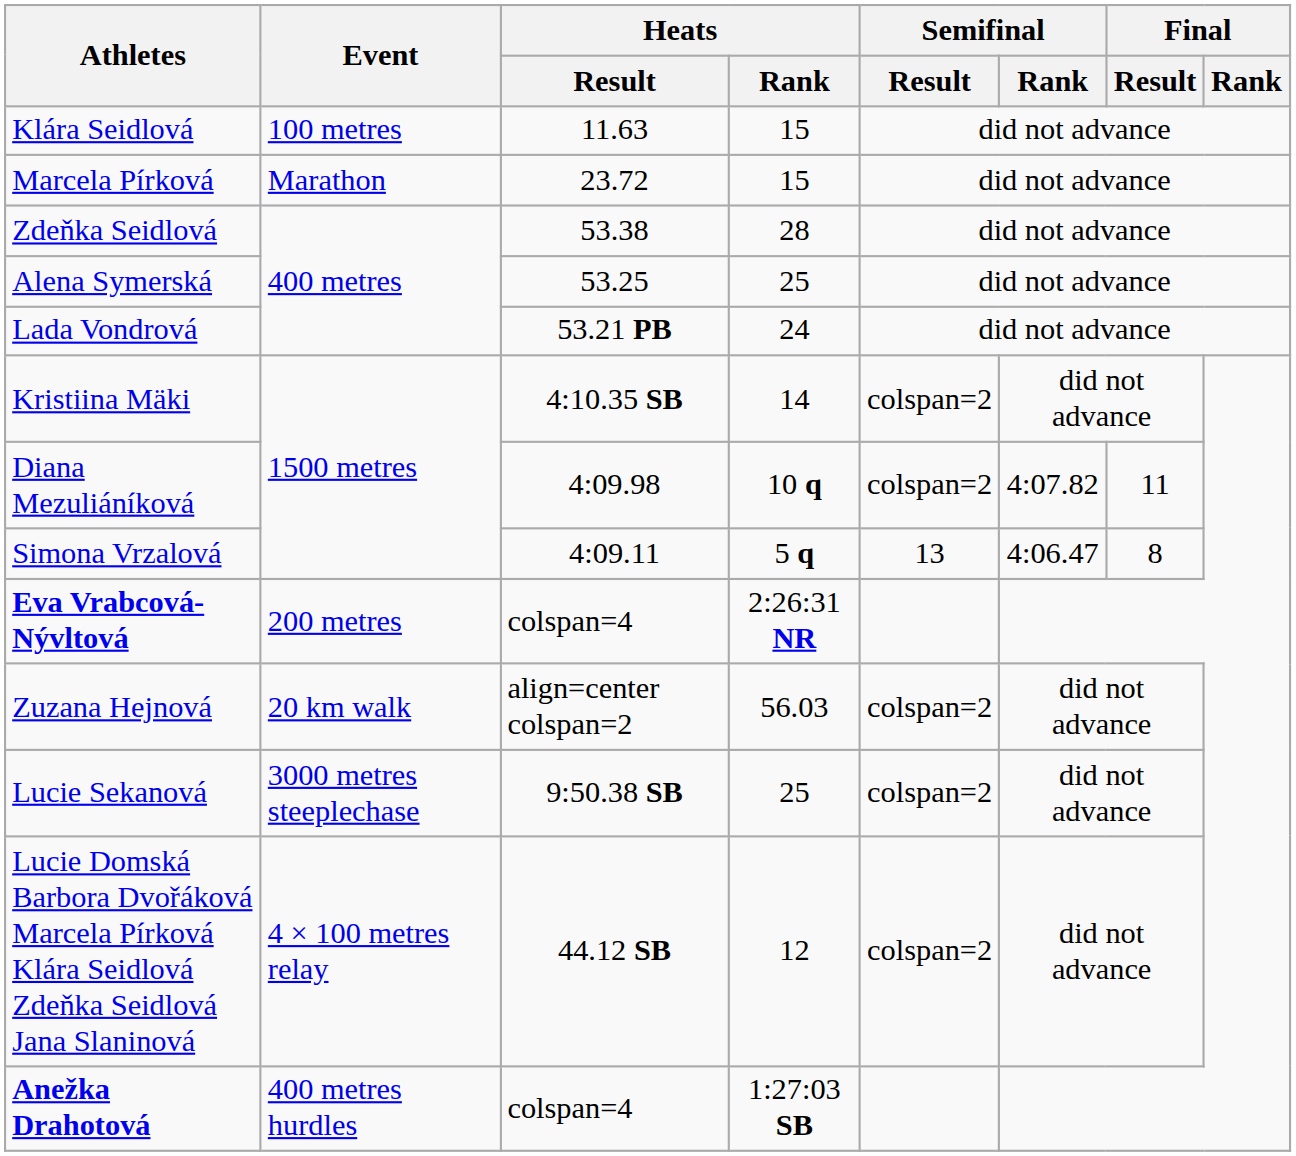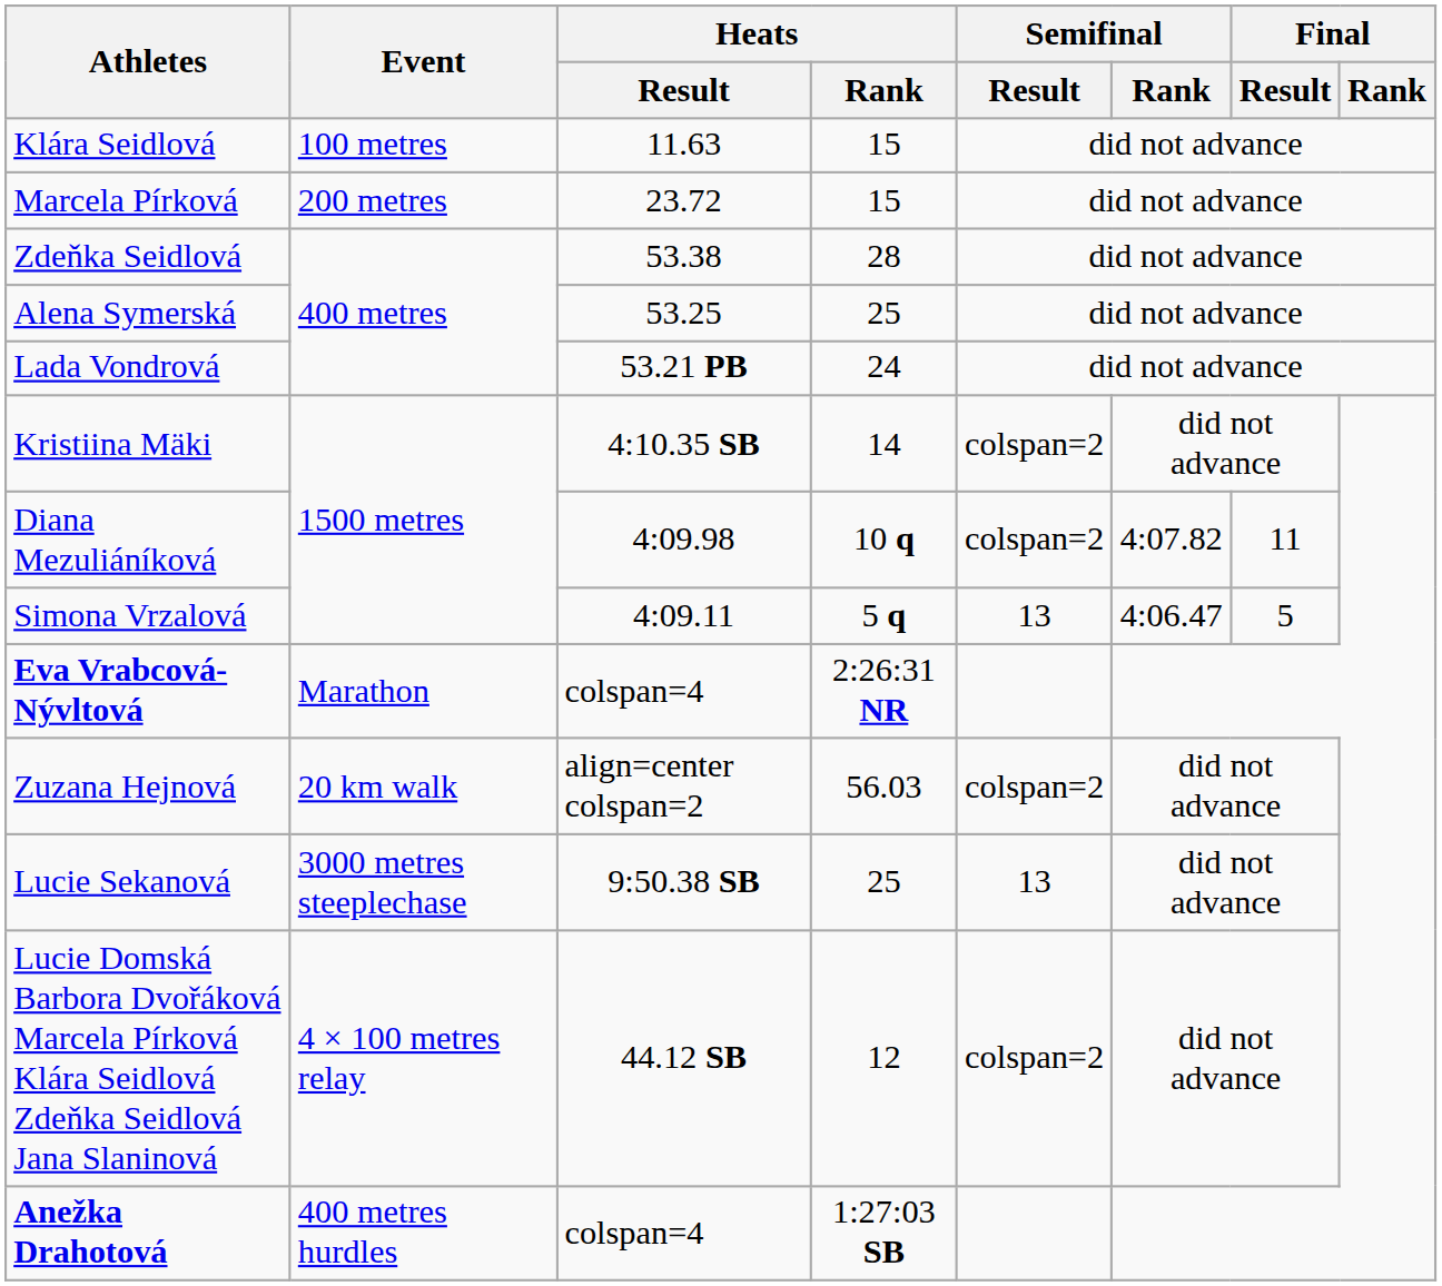 <table class="wikitable" border="1" style="font-size:90%">
 <tr>
 <th rowspan="2">Athletes</th>
 <th rowspan="2">Event</th>
 <th colspan="2">Heats</th>
 <th colspan="2">Semifinal</th>
 <th colspan="2">Final</th>
 </tr>
 <tr>
 <th>Result</th>
 <th>Rank</th>
 <th>Result</th>
 <th>Rank</th>
 <th>Result</th>
 <th>Rank</th>
 </tr>
 <tr>
 <td><a href='#'>Klára Seidlová</a></td>
 <td><a href='#'>100 metres</a></td>
 <td align=center>11.63</td>
 <td align=center>15</td>
 <td align=center colspan=4>did not advance</td>
 </tr>
 <tr>
 <td><a href='#'>Marcela Pírková</a></td>
-<td><a href='#'>Marathon</a></td>
+<td><a href='#'>200 metres</a></td>
 <td align=center>23.72</td>
 <td align=center>15</td>
 <td align=center colspan=4>did not advance</td>
 </tr>
 <tr>
 <td><a href='#'>Zdeňka Seidlová</a></td>
 <td rowspan=3><a href='#'>400 metres</a></td>
 <td align=center>53.38</td>
 <td align=center>28</td>
 <td align=center colspan=4>did not advance</td>
 </tr>
 <tr>
 <td><a href='#'>Alena Symerská</a></td>
 <td align=center>53.25</td>
 <td align=center>25</td>
 <td align=center colspan=4>did not advance</td>
 </tr>
 <tr>
 <td><a href='#'>Lada Vondrová</a></td>
 <td align=center>53.21 <strong>PB</strong></td>
 <td align=center>24</td>
 <td align=center colspan=4>did not advance</td>
 </tr>
 <tr>
 <td><a href='#'>Kristiina Mäki</a></td>
 <td rowspan=3><a href='#'>1500 metres</a></td>
 <td align=center>4:10.35 <strong>SB</strong></td>
 <td align=center>14</td>
 <td>colspan=2</td>
 <td align=center colspan=2>did not advance</td>
 </tr>
 <tr>
 <td><a href='#'>Diana Mezuliáníková</a></td>
 <td align=center>4:09.98</td>
 <td align=center>10 <strong>q</strong></td>
 <td>colspan=2</td>
 <td align=center>4:07.82</td>
 <td align=center>11</td>
 </tr>
 <tr>
 <td><a href='#'>Simona Vrzalová</a></td>
 <td align=center>4:09.11</td>
 <td align=center>5 <strong>q</strong></td>
 <td align=center>13</td>
 <td align=center>4:06.47</td>
-<td align=center>8</td>
+<td align=center>5</td>
 </tr>
 <tr>
 <td><strong><a href='#'>Eva Vrabcová-Nývltová</a></strong></td>
-<td><a href='#'>200 metres</a></td>
+<td><a href='#'>Marathon</a></td>
 <td>colspan=4</td>
 <td align=center>2:26:31 <strong><a href='#'>NR</a></strong></td>
 <td align=center></td>
 </tr>
 <tr>
 <td><a href='#'>Zuzana Hejnová</a></td>
 <td><a href='#'>20 km walk</a></td>
 <td>align=center colspan=2</td>
 <td align=center>56.03</td>
 <td>colspan=2</td>
 <td align=center colspan=2>did not advance</td>
 </tr>
 <tr>
 <td><a href='#'>Lucie Sekanová</a></td>
 <td><a href='#'>3000 metres steeplechase</a></td>
 <td align=center>9:50.38 <strong>SB</strong></td>
 <td align=center>25</td>
-<td>colspan=2</td>
+<td align=center>13</td>
 <td align=center colspan=2>did not advance</td>
 </tr>
 <tr>
 <td><a href='#'>Lucie Domská</a><br><a href='#'>Barbora Dvořáková</a><br><a href='#'>Marcela Pírková</a><br><a href='#'>Klára Seidlová</a><br><a href='#'>Zdeňka Seidlová</a><br><a href='#'>Jana Slaninová</a></td>
 <td><a href='#'>4 × 100 metres relay</a></td>
 <td align=center>44.12 <strong>SB</strong></td>
 <td align=center>12</td>
 <td>colspan=2</td>
 <td align=center colspan=2>did not advance</td>
 </tr>
 <tr>
 <td><strong><a href='#'>Anežka Drahotová</a></strong></td>
 <td><a href='#'>400 metres hurdles</a></td>
 <td>colspan=4</td>
 <td align=center>1:27:03 <strong>SB</strong></td>
 <td align=center></td>
 </tr>
 </table>
